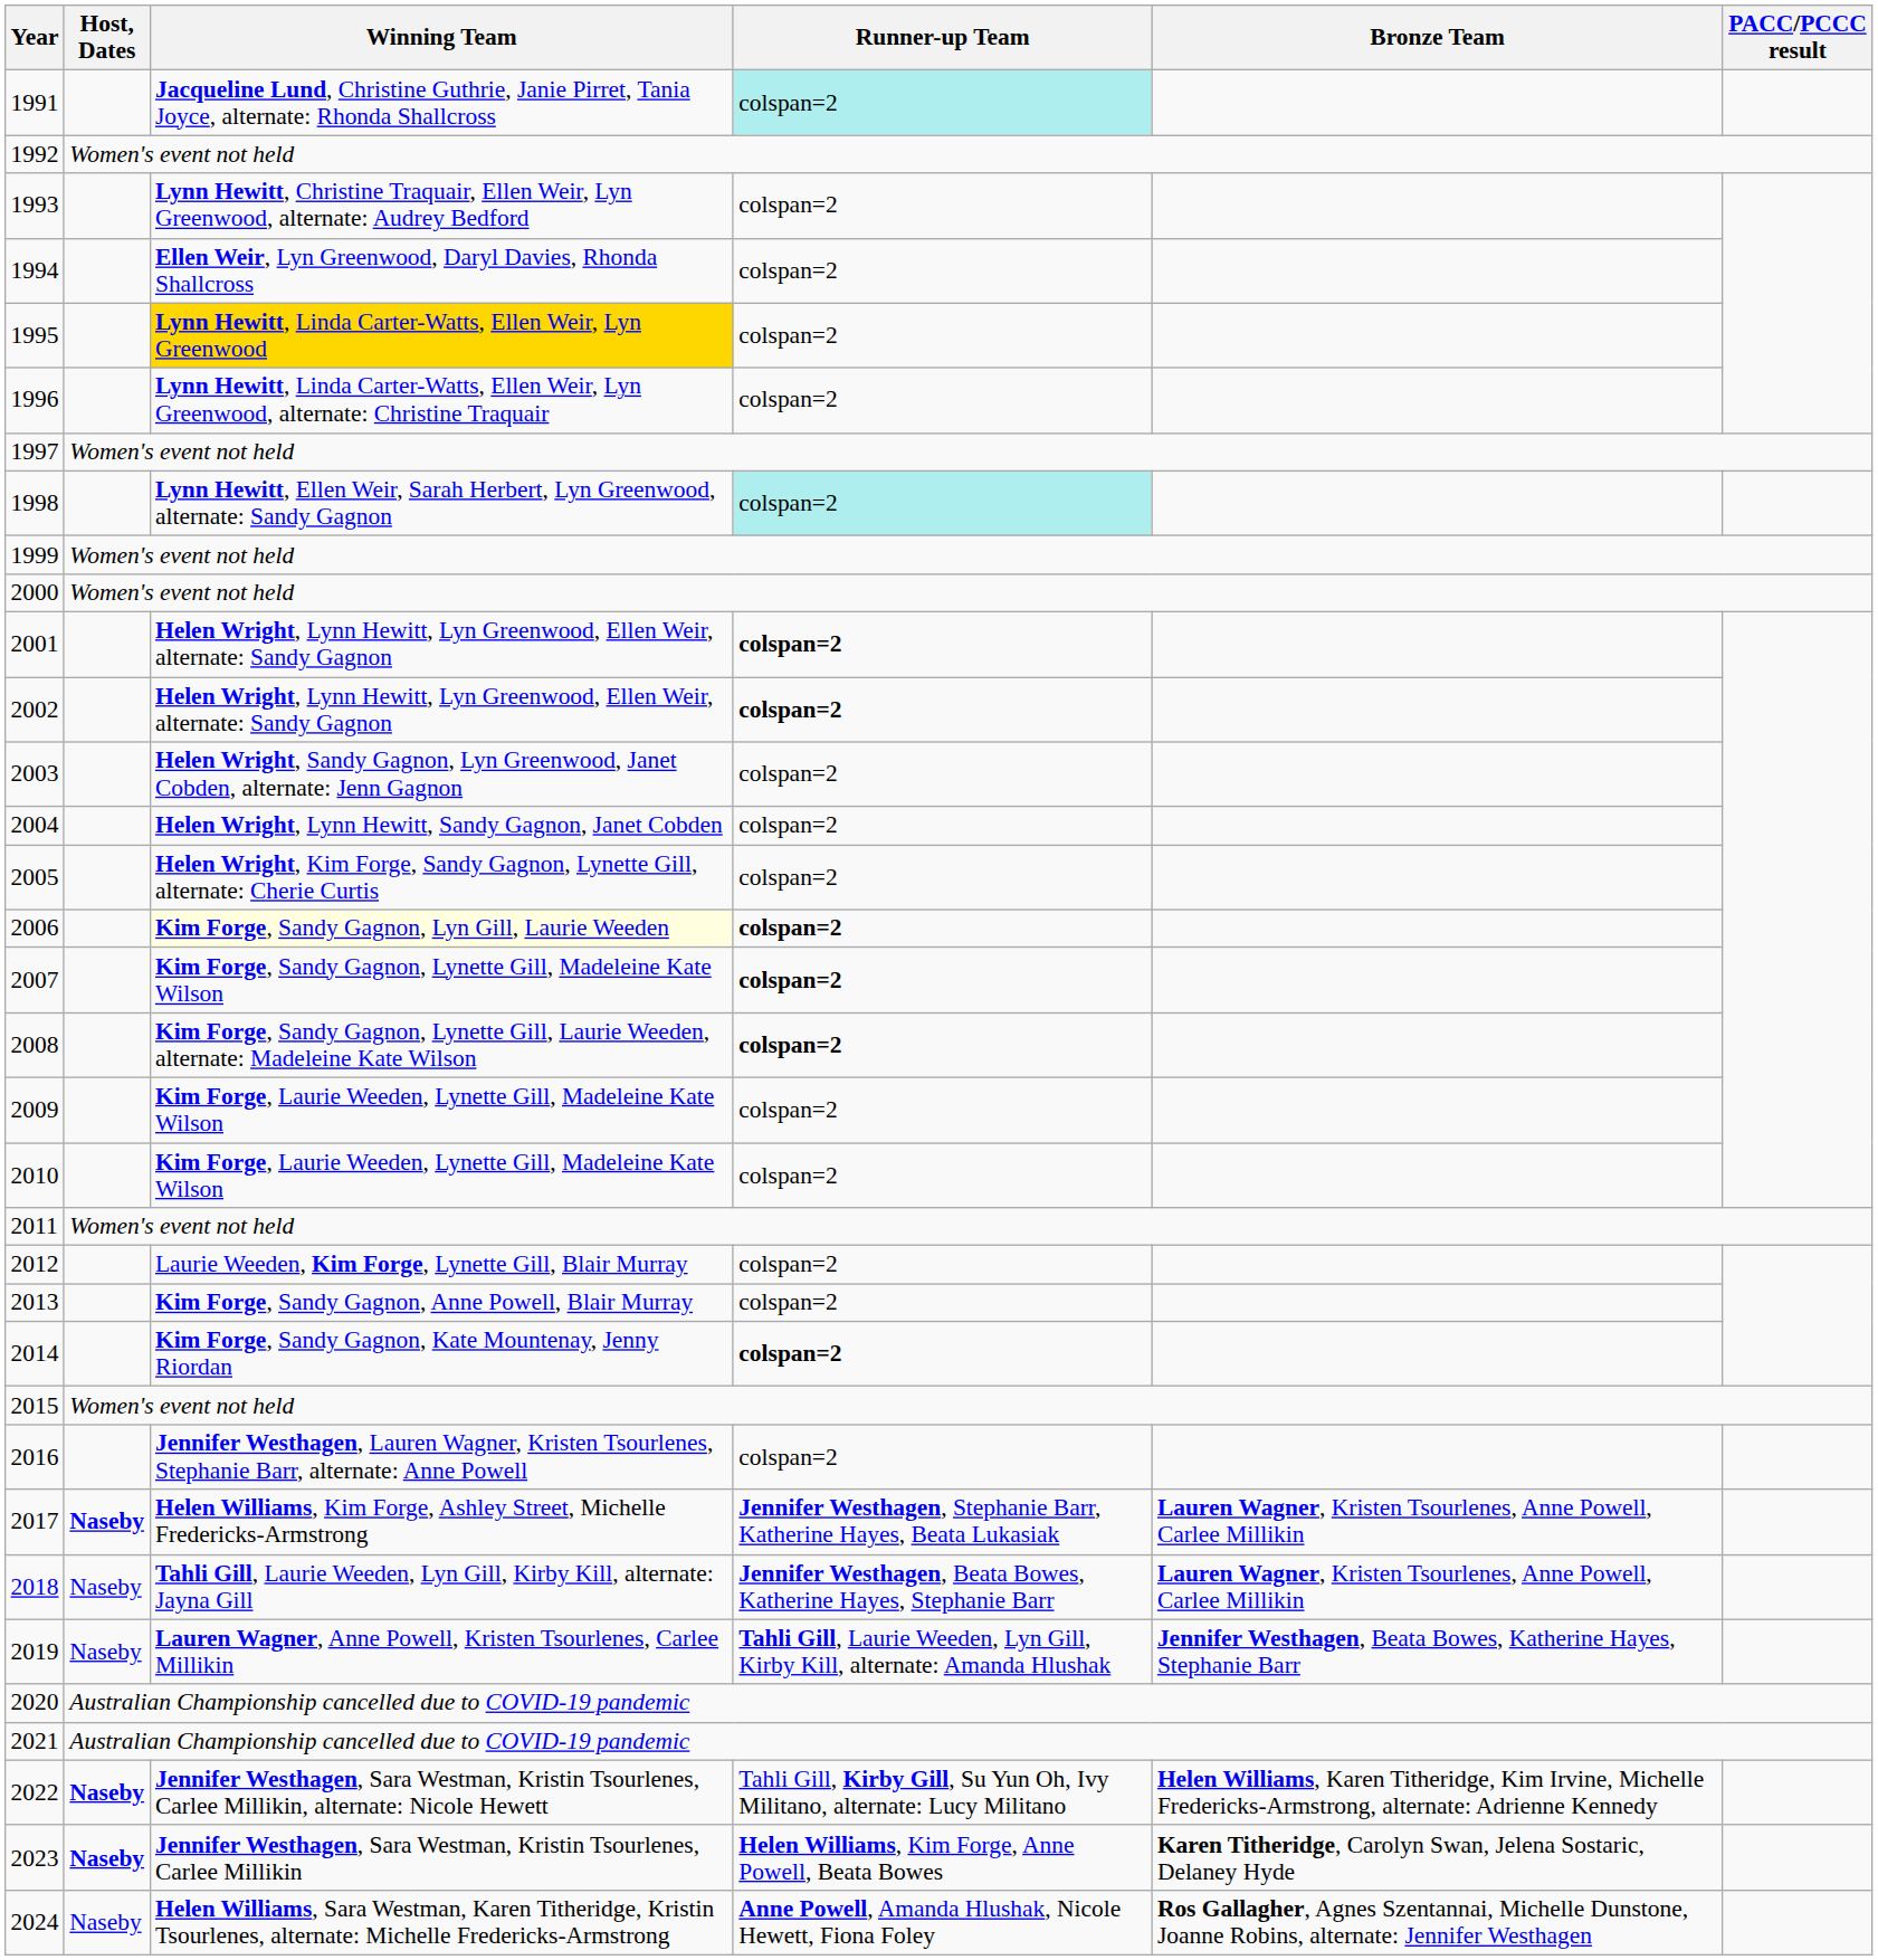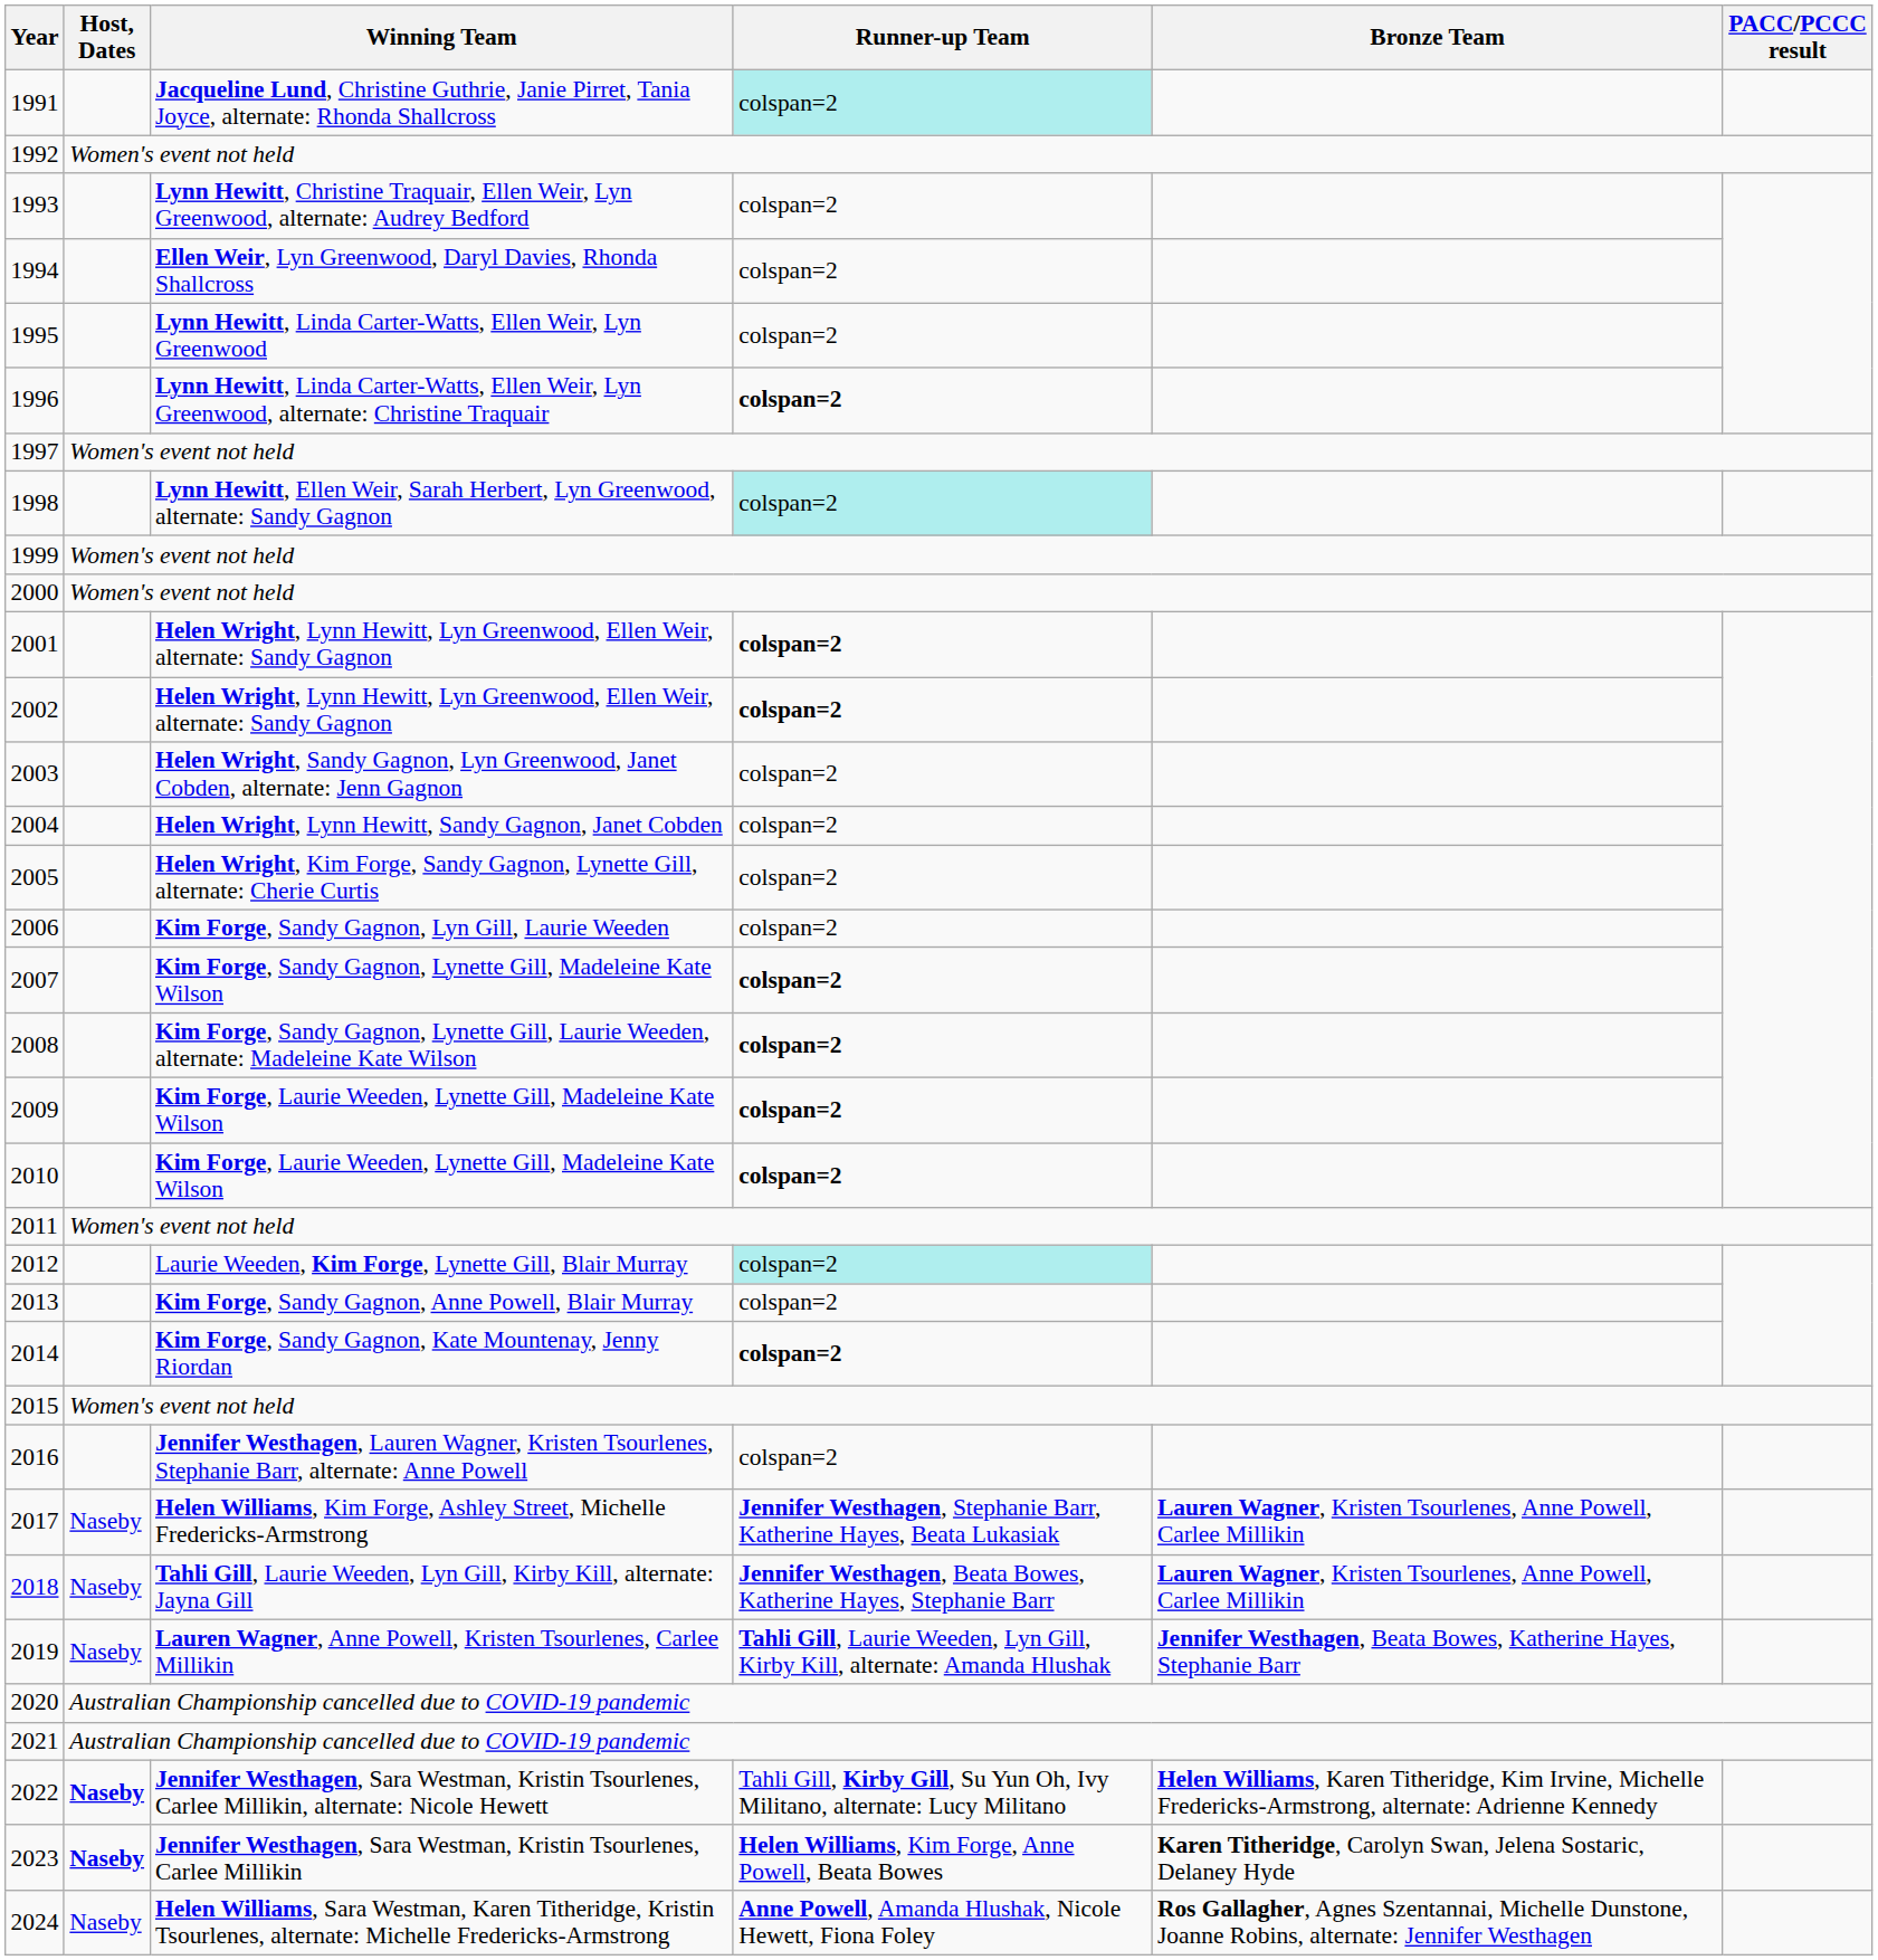 <table class="wikitable">
 <tr>
 <th scope="col">Year</th>
 <th scope="col">Host, <br> Dates</th>
 <th scope="col">Winning Team</th>
 <th scope="col">Runner-up Team</th>
 <th scope="col">Bronze Team</th>
 <th scope="col"><a href='#'>PACC</a>/<a href='#'>PCCC</a> <br> result</th>
 </tr>
 <tr>
 <td>1991</td>
 <td></td>
 <td><strong><a href='#'>Jacqueline Lund</a></strong>, <a href='#'>Christine Guthrie</a>, <a href='#'>Janie Pirret</a>, <a href='#'>Tania Joyce</a>, alternate: <a href='#'>Rhonda Shallcross</a></td>
 <td style="background: paleturquoise;">colspan=2 </td>
 <td></td>
 </tr>
 <tr>
 <td>1992</td>
 <td colspan=5><em>Women's event not held</em></td>
 </tr>
 <tr>
 <td>1993</td>
 <td></td>
 <td><strong><a href='#'>Lynn Hewitt</a></strong>, <a href='#'>Christine Traquair</a>, <a href='#'>Ellen Weir</a>, <a href='#'>Lyn Greenwood</a>, alternate: <a href='#'>Audrey Bedford</a></td>
 <td>colspan=2 </td>
 <td></td>
 </tr>
 <tr>
 <td>1994</td>
 <td></td>
 <td><strong><a href='#'>Ellen Weir</a></strong>, <a href='#'>Lyn Greenwood</a>, <a href='#'>Daryl Davies</a>, <a href='#'>Rhonda Shallcross</a></td>
 <td>colspan=2 </td>
 <td></td>
 </tr>
 <tr>
 <td>1995</td>
 <td></td>
-<td style="background: gold;"><strong><a href='#'>Lynn Hewitt</a></strong>, <a href='#'>Linda Carter-Watts</a>, <a href='#'>Ellen Weir</a>, <a href='#'>Lyn Greenwood</a></td>
+<td><strong><a href='#'>Lynn Hewitt</a></strong>, <a href='#'>Linda Carter-Watts</a>, <a href='#'>Ellen Weir</a>, <a href='#'>Lyn Greenwood</a></td>
 <td>colspan=2 </td>
 <td></td>
 </tr>
 <tr>
 <td>1996</td>
 <td></td>
 <td><strong><a href='#'>Lynn Hewitt</a></strong>, <a href='#'>Linda Carter-Watts</a>, <a href='#'>Ellen Weir</a>, <a href='#'>Lyn Greenwood</a>, alternate: <a href='#'>Christine Traquair</a></td>
-<td>colspan=2 </td>
+<td><strong>colspan=2 </strong></td>
 <td></td>
 </tr>
 <tr>
 <td>1997</td>
 <td colspan=5><em>Women's event not held</em></td>
 </tr>
 <tr>
 <td>1998</td>
 <td></td>
 <td><strong><a href='#'>Lynn Hewitt</a></strong>, <a href='#'>Ellen Weir</a>, <a href='#'>Sarah Herbert</a>, <a href='#'>Lyn Greenwood</a>, alternate: <a href='#'>Sandy Gagnon</a></td>
 <td style="background: paleturquoise;">colspan=2 </td>
 <td></td>
 </tr>
 <tr>
 <td>1999</td>
 <td colspan=5><em>Women's event not held</em></td>
 </tr>
 <tr>
 <td>2000</td>
 <td colspan=5><em>Women's event not held</em></td>
 </tr>
 <tr>
 <td>2001</td>
 <td></td>
 <td><strong><a href='#'>Helen Wright</a></strong>, <a href='#'>Lynn Hewitt</a>, <a href='#'>Lyn Greenwood</a>, <a href='#'>Ellen Weir</a>, alternate: <a href='#'>Sandy Gagnon</a></td>
 <td><strong>colspan=2 </strong></td>
 <td></td>
 </tr>
 <tr>
 <td>2002</td>
 <td></td>
 <td><strong><a href='#'>Helen Wright</a></strong>, <a href='#'>Lynn Hewitt</a>, <a href='#'>Lyn Greenwood</a>, <a href='#'>Ellen Weir</a>, alternate: <a href='#'>Sandy Gagnon</a></td>
 <td><strong>colspan=2 </strong></td>
 <td></td>
 </tr>
 <tr>
 <td>2003</td>
 <td></td>
 <td><strong><a href='#'>Helen Wright</a></strong>, <a href='#'>Sandy Gagnon</a>, <a href='#'>Lyn Greenwood</a>, <a href='#'>Janet Cobden</a>, alternate: <a href='#'>Jenn Gagnon</a></td>
 <td>colspan=2 </td>
 <td></td>
 </tr>
 <tr>
 <td>2004</td>
 <td></td>
 <td><strong><a href='#'>Helen Wright</a></strong>, <a href='#'>Lynn Hewitt</a>, <a href='#'>Sandy Gagnon</a>, <a href='#'>Janet Cobden</a></td>
 <td>colspan=2 </td>
 <td></td>
 </tr>
 <tr>
 <td>2005</td>
 <td></td>
 <td><strong><a href='#'>Helen Wright</a></strong>, <a href='#'>Kim Forge</a>, <a href='#'>Sandy Gagnon</a>, <a href='#'>Lynette Gill</a>, alternate: <a href='#'>Cherie Curtis</a></td>
 <td>colspan=2 </td>
 <td></td>
 </tr>
 <tr>
 <td>2006</td>
 <td></td>
-<td style="background: lightyellow;"><strong><a href='#'>Kim Forge</a></strong>, <a href='#'>Sandy Gagnon</a>, <a href='#'>Lyn Gill</a>, <a href='#'>Laurie Weeden</a></td>
-<td><strong>colspan=2 </strong></td>
+<td><strong><a href='#'>Kim Forge</a></strong>, <a href='#'>Sandy Gagnon</a>, <a href='#'>Lyn Gill</a>, <a href='#'>Laurie Weeden</a></td>
+<td>colspan=2 </td>
 <td></td>
 </tr>
 <tr>
 <td>2007</td>
 <td></td>
 <td><strong><a href='#'>Kim Forge</a></strong>, <a href='#'>Sandy Gagnon</a>, <a href='#'>Lynette Gill</a>, <a href='#'>Madeleine Kate Wilson</a></td>
 <td><strong>colspan=2 </strong></td>
 <td></td>
 </tr>
 <tr>
 <td>2008</td>
 <td></td>
 <td><strong><a href='#'>Kim Forge</a></strong>, <a href='#'>Sandy Gagnon</a>, <a href='#'>Lynette Gill</a>, <a href='#'>Laurie Weeden</a>, alternate: <a href='#'>Madeleine Kate Wilson</a></td>
 <td><strong>colspan=2 </strong></td>
 <td></td>
 </tr>
 <tr>
 <td>2009</td>
 <td></td>
 <td><strong><a href='#'>Kim Forge</a></strong>, <a href='#'>Laurie Weeden</a>, <a href='#'>Lynette Gill</a>, <a href='#'>Madeleine Kate Wilson</a></td>
-<td>colspan=2 </td>
+<td><strong>colspan=2 </strong></td>
 <td></td>
 </tr>
 <tr>
 <td>2010</td>
 <td></td>
 <td><strong><a href='#'>Kim Forge</a></strong>, <a href='#'>Laurie Weeden</a>, <a href='#'>Lynette Gill</a>, <a href='#'>Madeleine Kate Wilson</a></td>
-<td>colspan=2 </td>
+<td><strong>colspan=2 </strong></td>
 <td></td>
 </tr>
 <tr>
 <td>2011</td>
 <td colspan=5><em>Women's event not held</em></td>
 </tr>
 <tr>
 <td>2012</td>
 <td></td>
 <td><a href='#'>Laurie Weeden</a>, <strong><a href='#'>Kim Forge</a></strong>, <a href='#'>Lynette Gill</a>, <a href='#'>Blair Murray</a></td>
-<td>colspan=2 </td>
+<td style="background: paleturquoise;">colspan=2 </td>
 <td></td>
 </tr>
 <tr>
 <td>2013</td>
 <td></td>
 <td><strong><a href='#'>Kim Forge</a></strong>, <a href='#'>Sandy Gagnon</a>, <a href='#'>Anne Powell</a>, <a href='#'>Blair Murray</a></td>
 <td>colspan=2 </td>
 <td></td>
 </tr>
 <tr>
 <td>2014</td>
 <td></td>
 <td><strong><a href='#'>Kim Forge</a></strong>, <a href='#'>Sandy Gagnon</a>, <a href='#'>Kate Mountenay</a>, <a href='#'>Jenny Riordan</a></td>
 <td><strong>colspan=2 </strong></td>
 <td></td>
 </tr>
 <tr>
 <td>2015</td>
 <td colspan=5><em>Women's event not held</em></td>
 </tr>
 <tr>
 <td>2016</td>
 <td></td>
 <td><strong><a href='#'>Jennifer Westhagen</a></strong>, <a href='#'>Lauren Wagner</a>, <a href='#'>Kristen Tsourlenes</a>, <a href='#'>Stephanie Barr</a>, alternate: <a href='#'>Anne Powell</a></td>
 <td>colspan=2 </td>
 <td></td>
 </tr>
 <tr>
 <td>2017</td>
-<td><strong><a href='#'>Naseby</a><br></strong></td>
+<td><a href='#'>Naseby</a><br></td>
 <td><strong><a href='#'>Helen Williams</a></strong>, <a href='#'>Kim Forge</a>, <a href='#'>Ashley Street</a>, Michelle Fredericks-Armstrong</td>
 <td><strong><a href='#'>Jennifer Westhagen</a></strong>, <a href='#'>Stephanie Barr</a>, <a href='#'>Katherine Hayes</a>, <a href='#'>Beata Lukasiak</a></td>
 <td><strong><a href='#'>Lauren Wagner</a></strong>, <a href='#'>Kristen Tsourlenes</a>, <a href='#'>Anne Powell</a>, <a href='#'>Carlee Millikin</a></td>
 <td></td>
 </tr>
 <tr>
 <td><a href='#'>2018</a></td>
 <td><a href='#'>Naseby</a><br></td>
 <td><strong><a href='#'>Tahli Gill</a></strong>, <a href='#'>Laurie Weeden</a>, <a href='#'>Lyn Gill</a>, <a href='#'>Kirby Kill</a>, alternate: <a href='#'>Jayna Gill</a></td>
 <td><strong><a href='#'>Jennifer Westhagen</a></strong>, <a href='#'>Beata Bowes</a>, <a href='#'>Katherine Hayes</a>, <a href='#'>Stephanie Barr</a></td>
 <td><strong><a href='#'>Lauren Wagner</a></strong>, <a href='#'>Kristen Tsourlenes</a>, <a href='#'>Anne Powell</a>, <a href='#'>Carlee Millikin</a></td>
 <td></td>
 </tr>
 <tr>
 <td>2019</td>
 <td><a href='#'>Naseby</a><br></td>
 <td><strong><a href='#'>Lauren Wagner</a></strong>, <a href='#'>Anne Powell</a>, <a href='#'>Kristen Tsourlenes</a>, <a href='#'>Carlee Millikin</a></td>
 <td><strong><a href='#'>Tahli Gill</a></strong>, <a href='#'>Laurie Weeden</a>, <a href='#'>Lyn Gill</a>, <a href='#'>Kirby Kill</a>, alternate: <a href='#'>Amanda Hlushak</a></td>
 <td><strong><a href='#'>Jennifer Westhagen</a></strong>, <a href='#'>Beata Bowes</a>, <a href='#'>Katherine Hayes</a>, <a href='#'>Stephanie Barr</a></td>
 <td></td>
 </tr>
 <tr>
 <td>2020</td>
 <td colspan=6><em>Australian Championship cancelled due to <a href='#'>COVID-19 pandemic</a></em></td>
 </tr>
 <tr>
 <td>2021</td>
 <td colspan=6><em>Australian Championship cancelled due to <a href='#'>COVID-19 pandemic</a></em></td>
 </tr>
 <tr>
 <td>2022</td>
 <td><strong><a href='#'>Naseby</a><br></strong></td>
 <td><strong><a href='#'>Jennifer Westhagen</a></strong>, Sara Westman, Kristin Tsourlenes, Carlee Millikin, alternate: Nicole Hewett</td>
 <td><a href='#'>Tahli Gill</a>, <strong><a href='#'>Kirby Gill</a></strong>, Su Yun Oh, Ivy Militano, alternate: Lucy Militano</td>
 <td><strong><a href='#'>Helen Williams</a></strong>, Karen Titheridge, Kim Irvine, Michelle Fredericks-Armstrong, alternate: Adrienne Kennedy</td>
 <td></td>
 </tr>
 <tr>
 <td>2023</td>
 <td><strong><a href='#'>Naseby</a><br></strong></td>
 <td><strong><a href='#'>Jennifer Westhagen</a></strong>, Sara Westman, Kristin Tsourlenes, Carlee Millikin</td>
 <td><strong><a href='#'>Helen Williams</a></strong>, <a href='#'>Kim Forge</a>, <a href='#'>Anne Powell</a>, Beata Bowes</td>
 <td><strong>Karen Titheridge</strong>, Carolyn Swan, Jelena Sostaric, Delaney Hyde</td>
 <td></td>
 </tr>
 <tr>
 <td>2024</td>
 <td><a href='#'>Naseby</a><br></td>
 <td><strong><a href='#'>Helen Williams</a></strong>, Sara Westman, Karen Titheridge, Kristin Tsourlenes, alternate: Michelle Fredericks-Armstrong</td>
 <td><strong><a href='#'>Anne Powell</a></strong>, <a href='#'>Amanda Hlushak</a>, Nicole Hewett, Fiona Foley</td>
 <td><strong>Ros Gallagher</strong>, Agnes Szentannai, Michelle Dunstone, Joanne Robins, alternate: <a href='#'>Jennifer Westhagen</a></td>
 <td></td>
 </tr>
 </table>
